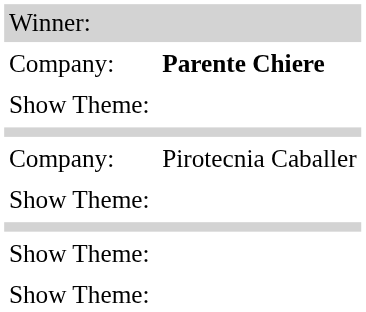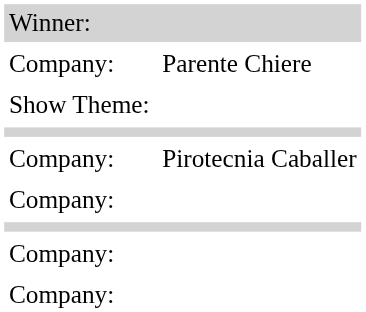 <table border="0" cellpadding="3">
 <tr>
 <td colspan="2" style="background:lightgrey;">Winner: </td>
 </tr>
 <tr>
 <td>Company:</td>
-<td><strong>Parente Chiere</strong></td>
+<td>Parente Chiere</td>
 </tr>
 <tr>
 <td>Show Theme:</td>
 <td></td>
 </tr>
 <tr>
 <td colspan="2" style="background:lightgrey;"></td>
 </tr>
 <tr>
 <td>Company:</td>
 <td>Pirotecnia Caballer</td>
 </tr>
 <tr>
-<td>Show Theme:</td>
+<td>Company:</td>
 <td></td>
 </tr>
 <tr>
 <td colspan="2" style="background:lightgrey;"></td>
 </tr>
 <tr>
-<td>Show Theme:</td>
+<td>Company:</td>
 <td></td>
 </tr>
 <tr>
-<td>Show Theme:</td>
+<td>Company:</td>
 <td></td>
 </tr>
 </table>
